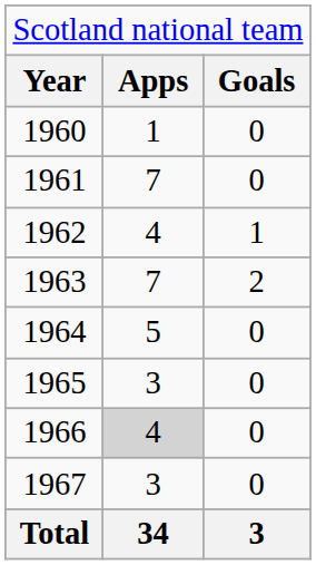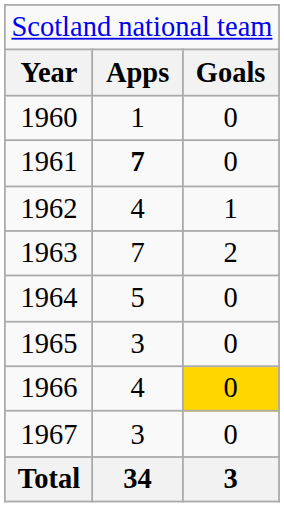 <table class="wikitable" style="text-align:center">
 <tr>
 <td colspan="3"><a href='#'>Scotland national team</a></td>
 </tr>
 <tr>
 <th>Year</th>
 <th>Apps</th>
 <th>Goals</th>
 </tr>
 <tr>
 <td>1960</td>
 <td>1</td>
 <td>0</td>
 </tr>
 <tr>
 <td>1961</td>
-<td>7</td>
+<td><strong>7</strong></td>
 <td>0</td>
 </tr>
 <tr>
 <td>1962</td>
 <td>4</td>
 <td>1</td>
 </tr>
 <tr>
 <td>1963</td>
 <td>7</td>
 <td>2</td>
 </tr>
 <tr>
 <td>1964</td>
 <td>5</td>
 <td>0</td>
 </tr>
 <tr>
 <td>1965</td>
 <td>3</td>
 <td>0</td>
 </tr>
 <tr>
 <td>1966</td>
-<td style="background: lightgrey;">4</td>
-<td>0</td>
+<td>4</td>
+<td style="background: gold;">0</td>
 </tr>
 <tr>
 <td>1967</td>
 <td>3</td>
 <td>0</td>
 </tr>
 <tr>
 <th>Total</th>
 <th>34</th>
 <th>3</th>
 </tr>
 </table>
